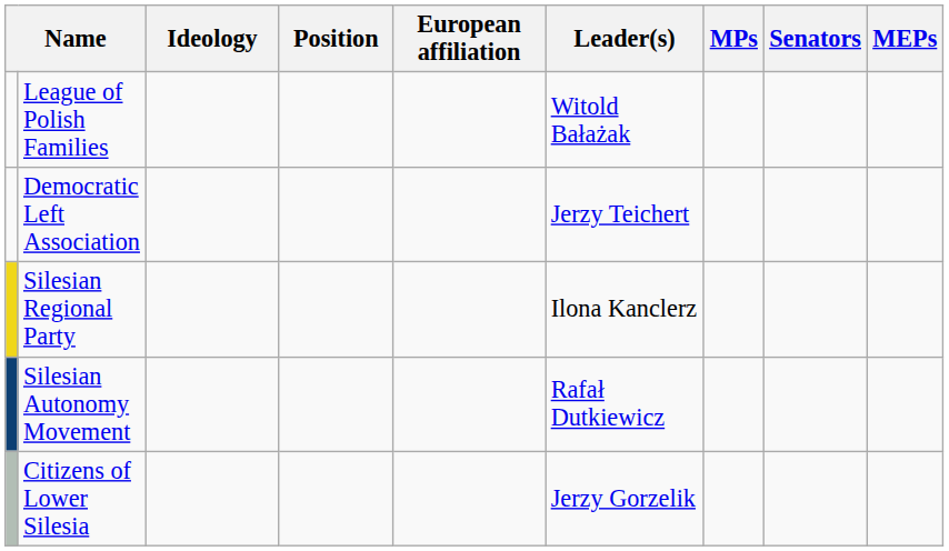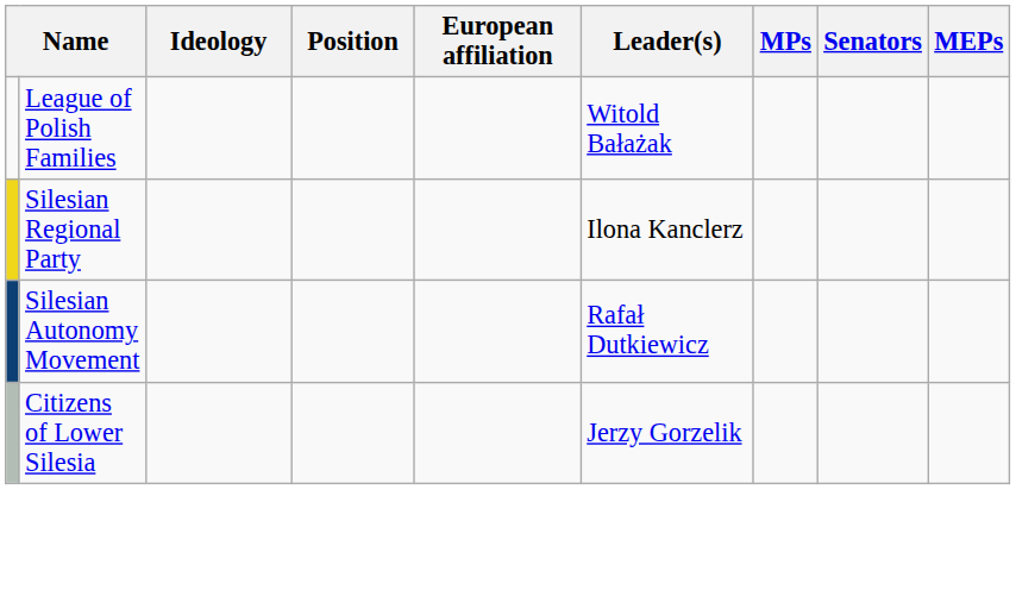 <table class="wikitable" style="font-size:100%;">
 <tr>
 <th colspan="2" style="width:200px">Name</th>
 <th style="width:120px">Ideology</th>
 <th style="width:90px">Position</th>
 <th style="width:140px">European affiliation</th>
 <th style="width:140px">Leader(s)</th>
 <th><a href='#'>MPs</a></th>
 <th><a href='#'>Senators</a></th>
 <th><a href='#'>MEPs</a></th>
 </tr>
 <tr>
 <td style="width:2px;background:"></td>
 <td><a href='#'>League of Polish Families</a></td>
 <td></td>
 <td></td>
 <td></td>
 <td><a href='#'>Witold Bałażak</a></td>
-<td></td>
-<td></td>
-<td></td>
-</tr>
-<tr>
-<td style="width:2px;background:"></td>
-<td><a href='#'>Democratic Left Association</a></td>
-<td></td>
-<td></td>
-<td></td>
-<td><a href='#'>Jerzy Teichert</a></td>
 <td></td>
 <td></td>
 <td></td>
 </tr>
 <tr>
 <td style="width:2px;background:#F0D719;"></td>
 <td><a href='#'>Silesian Regional Party</a></td>
 <td></td>
 <td></td>
 <td></td>
 <td>Ilona Kanclerz</td>
 <td></td>
 <td></td>
 <td></td>
 </tr>
 <tr>
 <td style="width:2px;background:#0C3F73;"></td>
 <td><a href='#'>Silesian Autonomy Movement</a></td>
 <td></td>
 <td></td>
 <td></td>
 <td><a href='#'>Rafał Dutkiewicz</a></td>
 <td></td>
 <td></td>
 <td></td>
 </tr>
 <tr>
 <td style="width:2px;background:#B2BEB5;"></td>
 <td><a href='#'>Citizens of Lower Silesia</a></td>
 <td></td>
 <td></td>
 <td></td>
 <td><a href='#'>Jerzy Gorzelik</a></td>
 <td></td>
 <td></td>
 <td></td>
 </tr>
 </table>
